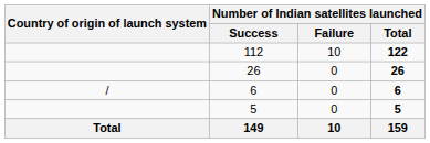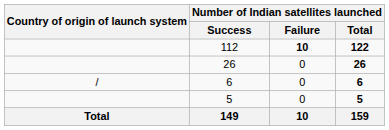 <table class="wikitable sortable sort-under" style="text-align:center">
 <tr>
 <th rowspan="2">Country of origin of launch system</th>
 <th colspan="3">Number of Indian satellites launched</th>
 </tr>
 <tr>
 <th>Success</th>
 <th>Failure</th>
 <th>Total</th>
 </tr>
 <tr>
 <td></td>
 <td>112</td>
-<td>10</td>
+<td><strong>10</strong></td>
 <td><strong>122</strong></td>
 </tr>
 <tr>
 <td></td>
 <td>26</td>
 <td>0</td>
 <td><strong>26</strong></td>
 </tr>
 <tr>
 <td>/</td>
 <td>6</td>
 <td>0</td>
 <td><strong>6</strong></td>
 </tr>
 <tr>
 <td></td>
 <td>5</td>
 <td>0</td>
 <td><strong>5</strong></td>
 </tr>
 <tr>
 <th>Total</th>
 <th>149</th>
 <th>10</th>
 <th>159</th>
 </tr>
 </table>
